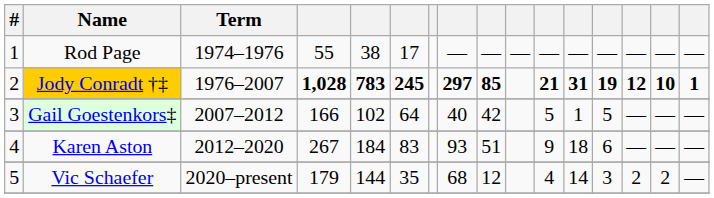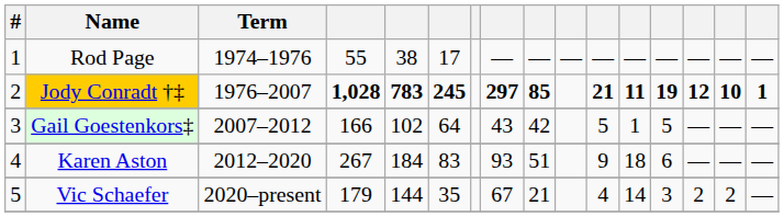 <table class="wikitable sortable" style="text-align:center;">
 <tr>
 <th scope="col">#</th>
 <th scope="col">Name</th>
 <th scope="col">Term</th>
 <th scope="col"></th>
 <th scope="col"></th>
 <th scope="col"></th>
 <th scope="col"></th>
 <th scope="col"></th>
 <th scope="col"></th>
 <th scope="col"></th>
 <th scope="col"></th>
 <th scope="col"></th>
 <th scope="col"></th>
 <th scope="col"></th>
 <th scope="col"></th>
 <th scope="col"></th>
 </tr>
 <tr>
 <td>1</td>
 <td>Rod Page</td>
 <td>1974–1976</td>
 <td>55</td>
 <td>38</td>
 <td>17</td>
 <td></td>
 <td>—</td>
 <td>—</td>
 <td>—</td>
 <td>—</td>
 <td>—</td>
 <td>—</td>
 <td>—</td>
 <td>—</td>
 <td>—</td>
 </tr>
 <tr>
 <td>2</td>
 <td bgcolor=#FFCC00><a href='#'>Jody Conradt</a> †‡</td>
 <td>1976–2007</td>
 <td><strong>1,028</strong></td>
 <td><strong>783</strong></td>
 <td><strong>245</strong></td>
 <td></td>
 <td><strong>297</strong></td>
 <td><strong>85</strong></td>
 <td><strong></strong></td>
 <td><strong>21</strong></td>
-<td><strong>31</strong></td>
+<td><strong>11</strong></td>
 <td><strong>19</strong></td>
 <td><strong>12</strong></td>
 <td><strong>10</strong></td>
 <td><strong>1</strong></td>
 </tr>
 <tr>
 </tr>
 <tr>
 <td>3</td>
 <td bgcolor=#DDFFDD><a href='#'>Gail Goestenkors</a>‡</td>
 <td>2007–2012</td>
 <td>166</td>
 <td>102</td>
 <td>64</td>
 <td></td>
-<td>40</td>
+<td>43</td>
 <td>42</td>
 <td></td>
 <td>5</td>
 <td>1</td>
 <td>5</td>
 <td>—</td>
 <td>—</td>
 <td>—</td>
 </tr>
 <tr>
 </tr>
 <tr>
 <td>4</td>
 <td><a href='#'>Karen Aston</a></td>
 <td>2012–2020</td>
 <td>267</td>
 <td>184</td>
 <td>83</td>
 <td></td>
 <td>93</td>
 <td>51</td>
 <td></td>
 <td>9</td>
 <td>18</td>
 <td>6</td>
 <td>—</td>
 <td>—</td>
 <td>—</td>
 </tr>
 <tr>
 </tr>
 <tr>
 <td>5</td>
 <td><a href='#'>Vic Schaefer</a></td>
 <td>2020–present</td>
 <td>179</td>
 <td>144</td>
 <td>35</td>
 <td><strong></strong></td>
-<td>68</td>
-<td>12</td>
+<td>67</td>
+<td>21</td>
 <td></td>
 <td>4</td>
 <td>14</td>
 <td>3</td>
 <td>2</td>
 <td>2</td>
 <td>—</td>
 </tr>
 <tr>
 </tr>
 </table>
